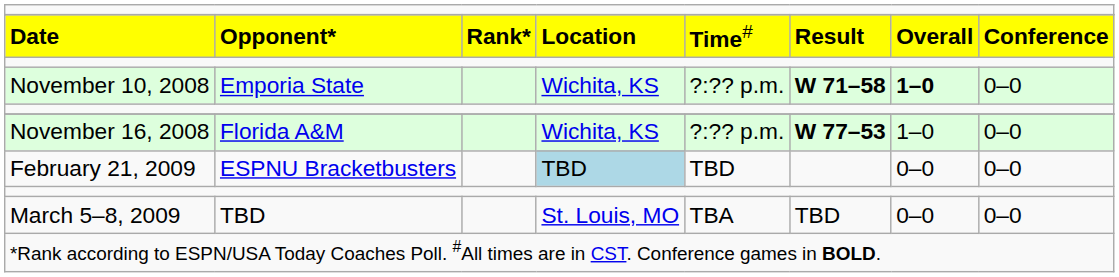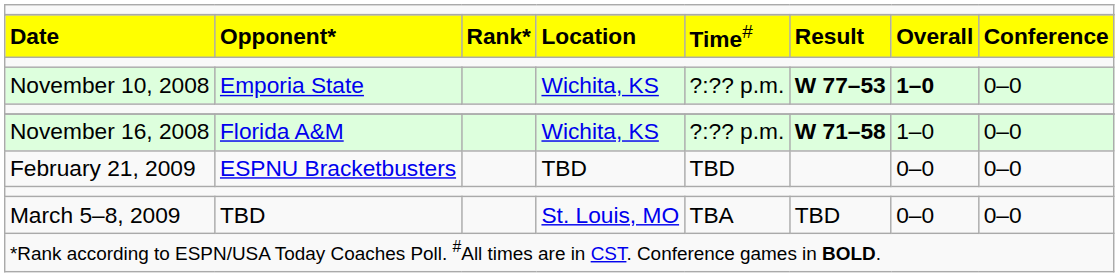 <table class="wikitable">
 <tr>
 <td colspan="8"></td>
 </tr>
 <tr>
 </tr>
 <tr>
 <td BGCOLOR="#FFFF00"><strong>Date</strong></td>
 <td BGCOLOR="#FFFF00"><strong>Opponent*</strong></td>
 <td BGCOLOR="#FFFF00"><strong>Rank*</strong></td>
 <td BGCOLOR="#FFFF00"><strong>Location</strong></td>
 <td BGCOLOR="#FFFF00"><strong>Time</strong><sup>#</sup></td>
 <td BGCOLOR="#FFFF00"><strong>Result</strong></td>
 <td BGCOLOR="#FFFF00"><strong>Overall</strong></td>
 <td BGCOLOR="#FFFF00"><strong>Conference</strong></td>
 </tr>
 <tr>
 <td colspan="8"></td>
 </tr>
 <tr style="background:#ddffdd; ">
 <td>November 10, 2008</td>
 <td><a href='#'>Emporia State</a></td>
 <td></td>
 <td><a href='#'>Wichita, KS</a></td>
 <td>?:?? p.m.</td>
-<td><strong>W 71–58</strong></td>
+<td><strong>W 77–53</strong></td>
 <td><strong>1–0</strong></td>
 <td>0–0</td>
 </tr>
 <tr>
 <td colspan="8"></td>
 </tr>
 <tr style="background: ">
 </tr>
 <tr>
 </tr>
 <tr style="background:#ddffdd; ">
 <td>November 16, 2008</td>
 <td><a href='#'>Florida A&M</a></td>
 <td></td>
 <td><a href='#'>Wichita, KS</a></td>
 <td>?:?? p.m.</td>
-<td><strong>W 77–53</strong></td>
+<td><strong>W 71–58</strong></td>
 <td>1–0</td>
 <td>0–0</td>
 </tr>
 <tr>
 <td>February 21, 2009</td>
 <td><a href='#'>ESPNU Bracketbusters</a></td>
 <td></td>
-<td style="background: lightblue;">TBD</td>
+<td>TBD</td>
 <td>TBD</td>
 <td></td>
 <td>0–0</td>
 <td>0–0</td>
 </tr>
 <tr>
 <td colspan="8"></td>
 </tr>
 <tr style="background:">
 <td>March 5–8, 2009</td>
 <td>TBD</td>
 <td></td>
 <td><a href='#'>St. Louis, MO</a></td>
 <td>TBA</td>
 <td>TBD</td>
 <td>0–0</td>
 <td>0–0</td>
 </tr>
 <tr>
 <td colspan="8"><small>*Rank according to ESPN/USA Today Coaches Poll. <sup>#</sup>All times are in <a href='#'>CST</a>. Conference games in <strong>BOLD</strong>.</small></td>
 </tr>
 </table>
